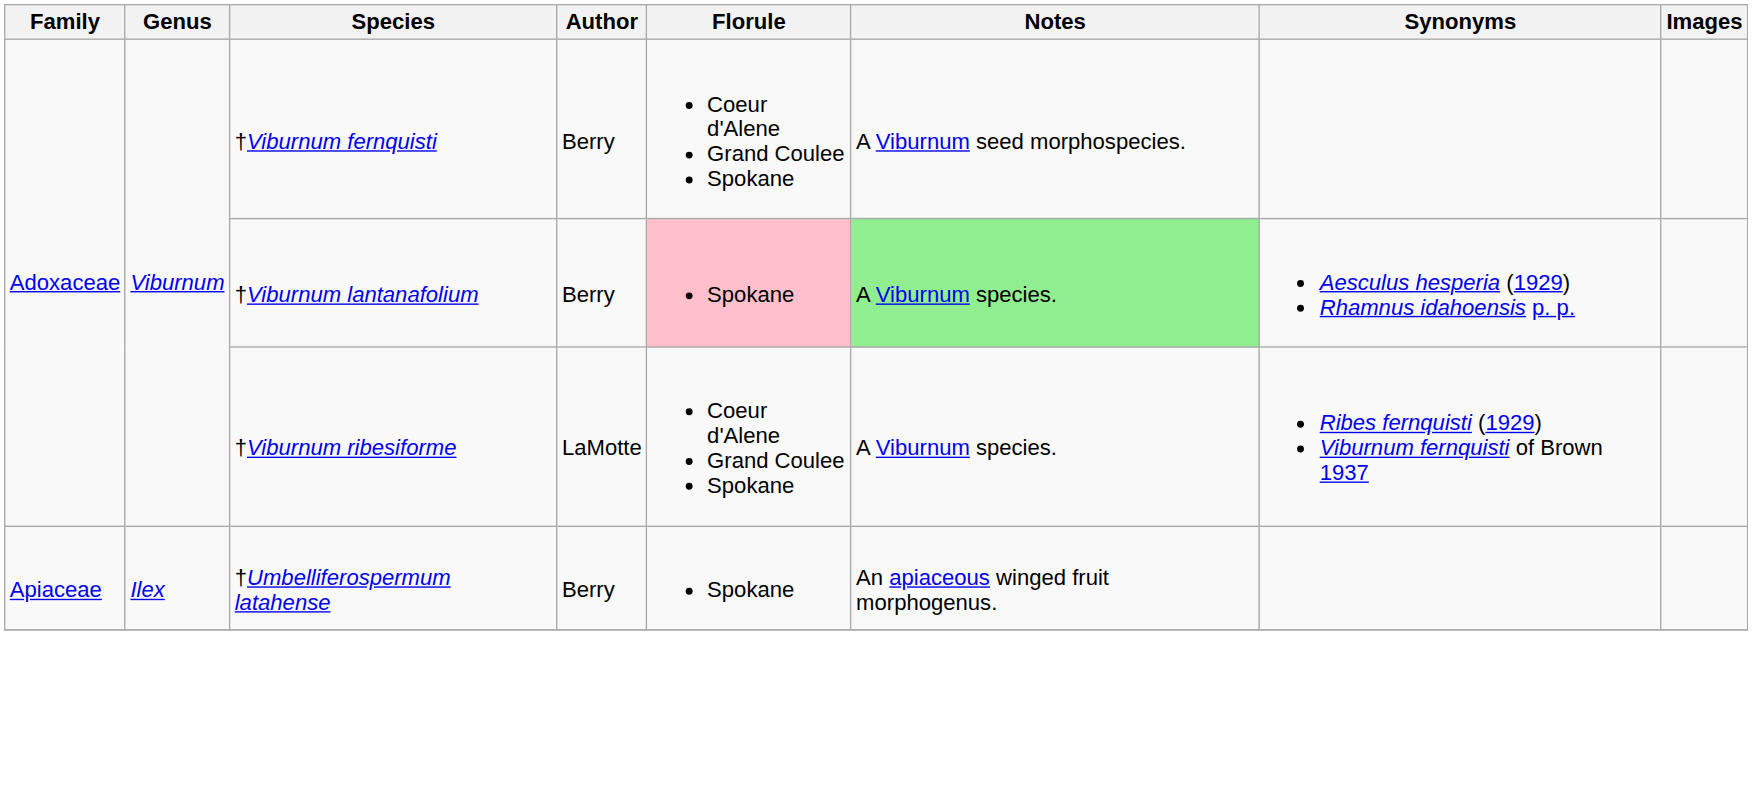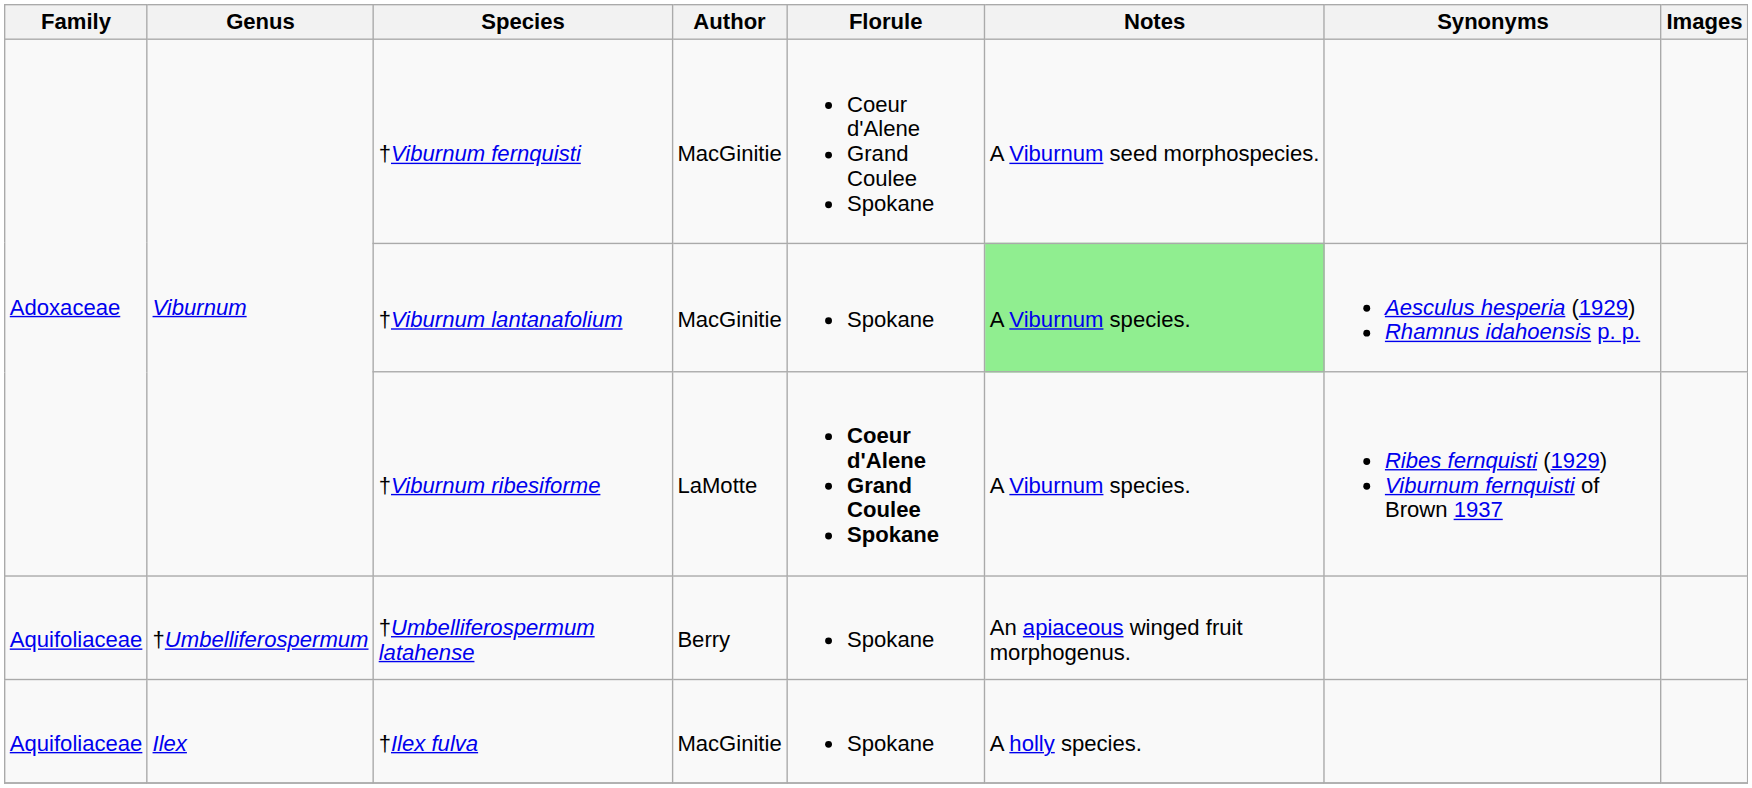 <table class="wikitable sortable mw-collapsible" style="margin:auto; width:100%">
 <tr>
 <th>Family</th>
 <th>Genus</th>
 <th>Species</th>
 <th>Author</th>
 <th>Florule</th>
 <th>Notes</th>
 <th>Synonyms</th>
 <th>Images</th>
 </tr>
 <tr>
 <td rowspan=3><a href='#'>Adoxaceae</a></td>
 <td rowspan=3><em><a href='#'>Viburnum</a></em></td>
 <td><br>†<em><a href='#'>Viburnum fernquisti</a></em></td>
-<td><br>Berry</td>
+<td><br>MacGinitie</td>
 <td><br><ul><li>Coeur d'Alene</li><li>Grand Coulee</li><li>Spokane</li></ul></td>
 <td><br>A <a href='#'>Viburnum</a> seed morphospecies.</td>
 <td></td>
 <td><br></td>
 </tr>
 <tr>
 <td><br>†<em><a href='#'>Viburnum lantanafolium</a></em></td>
-<td><br>Berry</td>
-<td style="background: pink;"><br><ul><li>Spokane</li></ul></td>
+<td><br>MacGinitie</td>
+<td><br><ul><li>Spokane</li></ul></td>
 <td style="background: lightgreen;"><br>A <a href='#'>Viburnum</a> species.</td>
 <td><br><ul><li><em><a href='#'>Aesculus hesperia</a></em> (<a href='#'>1929</a>)</li><li><em><a href='#'>Rhamnus idahoensis</a></em> <a href='#'>p. p.</a></li></ul></td>
 <td><br></td>
 </tr>
 <tr>
 <td><br>†<em><a href='#'>Viburnum ribesiforme</a></em></td>
 <td><br>LaMotte</td>
-<td><br><ul><li>Coeur d'Alene</li><li>Grand Coulee</li><li>Spokane</li></ul></td>
+<td><strong><br><ul><li>Coeur d'Alene</li><li>Grand Coulee</li><li>Spokane</li></ul></strong></td>
 <td><br>A <a href='#'>Viburnum</a> species.</td>
 <td><br><ul><li><em><a href='#'>Ribes fernquisti</a></em> (<a href='#'>1929</a>)</li><li><em><a href='#'>Viburnum fernquisti</a></em> of Brown <a href='#'>1937</a></li></ul></td>
 <td><br></td>
 </tr>
 <tr>
-<td><br><a href='#'>Apiaceae</a></td>
-<td><br><em><a href='#'>Ilex</a></em></td>
+<td><br><a href='#'>Aquifoliaceae</a></td>
+<td><br>†<em><a href='#'>Umbelliferospermum</a></em></td>
 <td><br>†<em><a href='#'>Umbelliferospermum latahense</a></em></td>
 <td><br>Berry</td>
 <td><br><ul><li>Spokane</li></ul></td>
 <td><br>An <a href='#'>apiaceous</a> winged fruit morphogenus.</td>
 <td></td>
 <td><br></td>
 </tr>
 <tr>
+<td><br><a href='#'>Aquifoliaceae</a></td>
+<td><br><em><a href='#'>Ilex</a></em></td>
+<td><br>†<em><a href='#'>Ilex fulva</a></em></td>
+<td><br>MacGinitie</td>
+<td><br><ul><li>Spokane</li></ul></td>
+<td><br>A <a href='#'>holly</a> species.</td>
+<td></td>
+<td></td>
+</tr>
+<tr>
 </tr>
 </table>
